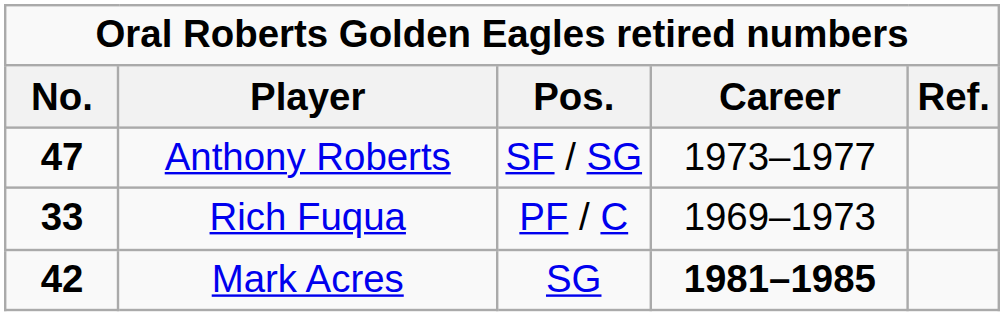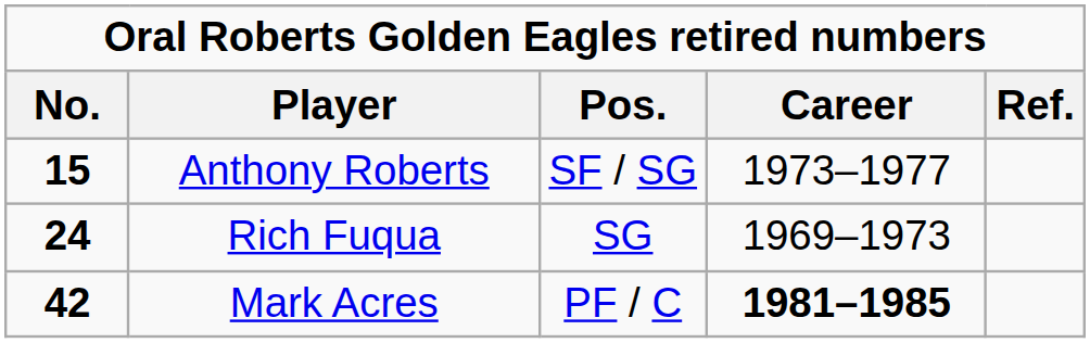 <table class="wikitable sortable" style="text-align:center">
 <tr>
 <td colspan="5"><strong>Oral Roberts Golden Eagles  retired numbers</strong></td>
 </tr>
 <tr>
 <th width=40px>No.</th>
 <th width=150px>Player</th>
 <th width=px>Pos.</th>
 <th width=100px>Career</th>
 <th width=px>Ref.</th>
 </tr>
 <tr>
-<td><strong>47</strong></td>
+<td><strong>15</strong></td>
 <td><a href='#'>Anthony Roberts</a></td>
 <td><a href='#'>SF</a> / <a href='#'>SG</a></td>
 <td>1973–1977</td>
 <td></td>
 </tr>
 <tr>
-<td><strong>33</strong></td>
+<td><strong>24</strong></td>
 <td><a href='#'>Rich Fuqua</a></td>
-<td><a href='#'>PF</a> / <a href='#'>C</a></td>
+<td><a href='#'>SG</a></td>
 <td>1969–1973</td>
 <td></td>
 </tr>
 <tr>
 <td><strong>42</strong></td>
 <td><a href='#'>Mark Acres</a></td>
-<td><a href='#'>SG</a></td>
+<td><a href='#'>PF</a> / <a href='#'>C</a></td>
 <td><strong>1981–1985</strong></td>
 <td></td>
 </tr>
 </table>
